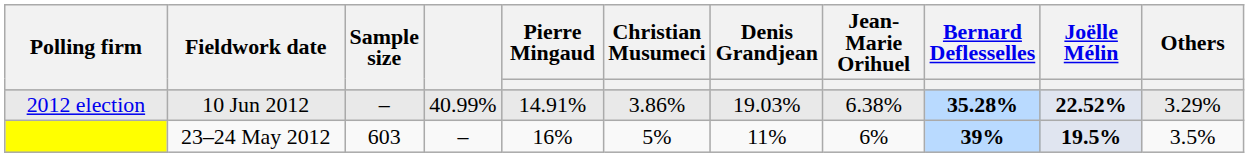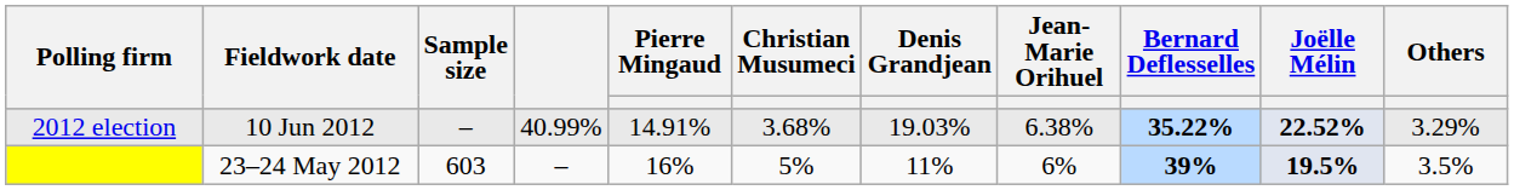 <table class="wikitable sortable" style="text-align:center;font-size:90%;line-height:14px;">
 <tr style="height:40px;">
 <th style="width:100px;" rowspan="2">Polling firm</th>
 <th style="width:110px;" rowspan="2">Fieldwork date</th>
 <th style="width:35px;" rowspan="2">Sample<br>size</th>
 <th style="width:30px;" rowspan="2"></th>
 <th class="unsortable" style="width:60px;">Pierre Mingaud<br></th>
 <th class="unsortable" style="width:60px;">Christian Musumeci<br></th>
 <th class="unsortable" style="width:60px;">Denis Grandjean<br></th>
 <th class="unsortable" style="width:60px;">Jean-Marie Orihuel<br></th>
 <th class="unsortable" style="width:60px;"><a href='#'>Bernard Deflesselles</a><br></th>
 <th class="unsortable" style="width:60px;"><a href='#'>Joëlle Mélin</a><br></th>
 <th class="unsortable" style="width:60px;">Others</th>
 </tr>
 <tr>
 <th style="background:"></th>
 <th style="background:"></th>
 <th style="background:"></th>
 <th style="background:"></th>
 <th style="background:"></th>
 <th style="background:"></th>
 <th style="background:"></th>
 </tr>
 <tr style="background:#E9E9E9;">
 <td><a href='#'>2012 election</a></td>
 <td data-sort-value="2012-06-10">10 Jun 2012</td>
 <td>–</td>
 <td>40.99%</td>
 <td>14.91%</td>
-<td>3.86%</td>
+<td>3.68%</td>
 <td>19.03%</td>
 <td>6.38%</td>
-<td style="background:#B9DAFF;"><strong>35.28%</strong></td>
+<td style="background:#B9DAFF;"><strong>35.22%</strong></td>
 <td style="background:#E0E5F0;"><strong>22.52%</strong></td>
 <td>3.29%</td>
 </tr>
 <tr>
 <td style="background:yellow;"></td>
 <td data-sort-value="2012-05-24">23–24 May 2012</td>
 <td>603</td>
 <td>–</td>
 <td>16%</td>
 <td>5%</td>
 <td>11%</td>
 <td>6%</td>
 <td style="background:#B9DAFF;"><strong>39%</strong></td>
 <td style="background:#E0E5F0;"><strong>19.5%</strong></td>
 <td>3.5%</td>
 </tr>
 </table>
